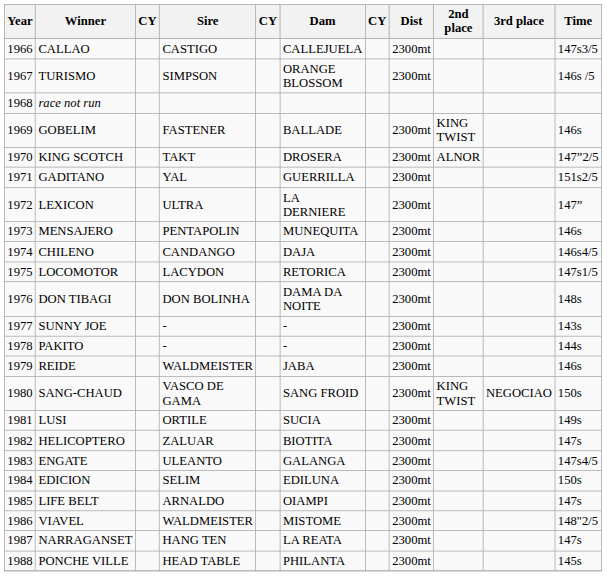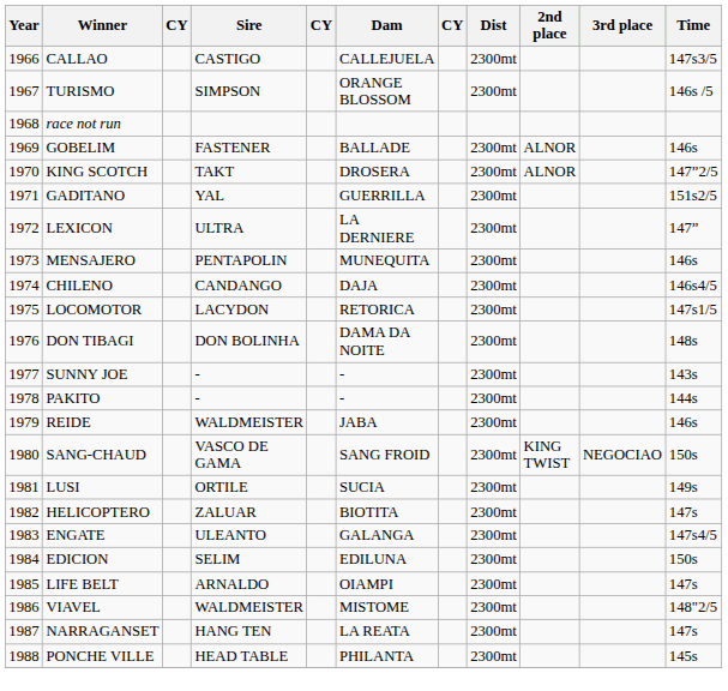 <table class = "sortable wikitable">
 <tr style="background:#7d7; text-align:center;">
 <th>Year</th>
 <th>Winner</th>
 <th>CY</th>
 <th>Sire</th>
 <th>CY</th>
 <th>Dam</th>
 <th>CY</th>
 <th style="white-space:nowrap">Dist</th>
 <th>2nd place</th>
 <th>3rd place</th>
 <th>Time</th>
 </tr>
 <tr>
 <td>1966</td>
 <td>CALLAO</td>
 <td></td>
 <td>CASTIGO</td>
 <td></td>
 <td>CALLEJUELA</td>
 <td></td>
 <td>2300mt</td>
 <td></td>
 <td></td>
 <td>147s3/5</td>
 </tr>
 <tr>
 <td>1967</td>
 <td>TURISMO</td>
 <td></td>
 <td>SIMPSON</td>
 <td></td>
 <td>ORANGE BLOSSOM</td>
 <td></td>
 <td>2300mt</td>
 <td></td>
 <td></td>
 <td>146s /5</td>
 </tr>
 <tr>
 <td>1968</td>
 <td><em>race not run</em></td>
 <td></td>
 <td></td>
 <td></td>
 <td></td>
 <td></td>
 <td></td>
 <td></td>
 <td></td>
 <td></td>
 </tr>
 <tr>
 <td>1969</td>
 <td>GOBELIM</td>
 <td></td>
 <td>FASTENER</td>
 <td></td>
 <td>BALLADE</td>
 <td></td>
 <td>2300mt</td>
-<td>KING TWIST</td>
+<td>ALNOR</td>
 <td></td>
 <td>146s</td>
 </tr>
 <tr>
 <td>1970</td>
 <td>KING SCOTCH</td>
 <td></td>
 <td>TAKT</td>
 <td></td>
 <td>DROSERA</td>
 <td></td>
 <td>2300mt</td>
 <td>ALNOR</td>
 <td></td>
 <td>147”2/5</td>
 </tr>
 <tr>
 <td>1971</td>
 <td>GADITANO</td>
 <td></td>
 <td>YAL</td>
 <td></td>
 <td>GUERRILLA</td>
 <td></td>
 <td>2300mt</td>
 <td></td>
 <td></td>
 <td>151s2/5</td>
 </tr>
 <tr>
 <td>1972</td>
 <td>LEXICON</td>
 <td></td>
 <td>ULTRA</td>
 <td></td>
 <td>LA DERNIERE</td>
 <td></td>
 <td>2300mt</td>
 <td></td>
 <td></td>
 <td>147”</td>
 </tr>
 <tr>
 <td>1973</td>
 <td>MENSAJERO</td>
 <td></td>
 <td>PENTAPOLIN</td>
 <td></td>
 <td>MUNEQUITA</td>
 <td></td>
 <td>2300mt</td>
 <td></td>
 <td></td>
 <td>146s</td>
 </tr>
 <tr>
 <td>1974</td>
 <td>CHILENO</td>
 <td></td>
 <td>CANDANGO</td>
 <td></td>
 <td>DAJA</td>
 <td></td>
 <td>2300mt</td>
 <td></td>
 <td></td>
 <td>146s4/5</td>
 </tr>
 <tr>
 <td>1975</td>
 <td>LOCOMOTOR</td>
 <td></td>
 <td>LACYDON</td>
 <td></td>
 <td>RETORICA</td>
 <td></td>
 <td>2300mt</td>
 <td></td>
 <td></td>
 <td>147s1/5</td>
 </tr>
 <tr>
 <td>1976</td>
 <td>DON TIBAGI</td>
 <td></td>
 <td>DON BOLINHA</td>
 <td></td>
 <td>DAMA DA NOITE</td>
 <td></td>
 <td>2300mt</td>
 <td></td>
 <td></td>
 <td>148s</td>
 </tr>
 <tr>
 <td>1977</td>
 <td>SUNNY JOE</td>
 <td></td>
 <td>-</td>
 <td></td>
 <td>-</td>
 <td></td>
 <td>2300mt</td>
 <td></td>
 <td></td>
 <td>143s</td>
 </tr>
 <tr>
 <td>1978</td>
 <td>PAKITO</td>
 <td></td>
 <td>-</td>
 <td></td>
 <td>-</td>
 <td></td>
 <td>2300mt</td>
 <td></td>
 <td></td>
 <td>144s</td>
 </tr>
 <tr>
 <td>1979</td>
 <td>REIDE</td>
 <td></td>
 <td>WALDMEISTER</td>
 <td></td>
 <td>JABA</td>
 <td></td>
 <td>2300mt</td>
 <td></td>
 <td></td>
 <td>146s</td>
 </tr>
 <tr>
 <td>1980</td>
 <td>SANG-CHAUD</td>
 <td></td>
 <td>VASCO DE GAMA</td>
 <td></td>
 <td>SANG FROID</td>
 <td></td>
 <td>2300mt</td>
 <td>KING TWIST</td>
 <td>NEGOCIAO</td>
 <td>150s</td>
 </tr>
 <tr>
 <td>1981</td>
 <td>LUSI</td>
 <td></td>
 <td>ORTILE</td>
 <td></td>
 <td>SUCIA</td>
 <td></td>
 <td>2300mt</td>
 <td></td>
 <td></td>
 <td>149s</td>
 </tr>
 <tr>
 <td>1982</td>
 <td>HELICOPTERO</td>
 <td></td>
 <td>ZALUAR</td>
 <td></td>
 <td>BIOTITA</td>
 <td></td>
 <td>2300mt</td>
 <td></td>
 <td></td>
 <td>147s</td>
 </tr>
 <tr>
 <td>1983</td>
 <td>ENGATE</td>
 <td></td>
 <td>ULEANTO</td>
 <td></td>
 <td>GALANGA</td>
 <td></td>
 <td>2300mt</td>
 <td></td>
 <td></td>
 <td>147s4/5</td>
 </tr>
 <tr>
 <td>1984</td>
 <td>EDICION</td>
 <td></td>
 <td>SELIM</td>
 <td></td>
 <td>EDILUNA</td>
 <td></td>
 <td>2300mt</td>
 <td></td>
 <td></td>
 <td>150s</td>
 </tr>
 <tr>
 <td>1985</td>
 <td>LIFE BELT</td>
 <td></td>
 <td>ARNALDO</td>
 <td></td>
 <td>OIAMPI</td>
 <td></td>
 <td>2300mt</td>
 <td></td>
 <td></td>
 <td>147s</td>
 </tr>
 <tr>
 <td>1986</td>
 <td>VIAVEL</td>
 <td></td>
 <td>WALDMEISTER</td>
 <td></td>
 <td>MISTOME</td>
 <td></td>
 <td>2300mt</td>
 <td></td>
 <td></td>
 <td>148"2/5</td>
 </tr>
 <tr>
 <td>1987</td>
 <td>NARRAGANSET</td>
 <td></td>
 <td>HANG TEN</td>
 <td></td>
 <td>LA REATA</td>
 <td></td>
 <td>2300mt</td>
 <td></td>
 <td></td>
 <td>147s</td>
 </tr>
 <tr>
 <td>1988</td>
 <td>PONCHE VILLE</td>
 <td></td>
 <td>HEAD TABLE</td>
 <td></td>
 <td>PHILANTA</td>
 <td></td>
 <td>2300mt</td>
 <td></td>
 <td></td>
 <td>145s</td>
 </tr>
 <tr>
 </tr>
 </table>
